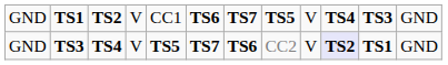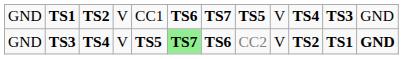 <table class="wikitable">
 <tr>
 <td>GND</td>
 <td><strong>TS1</strong></td>
 <td><strong>TS2</strong></td>
 <td>V</td>
 <td>CC1</td>
 <td><strong>TS6</strong></td>
 <td><strong>TS7</strong></td>
 <td><strong>TS5</strong></td>
 <td>V</td>
 <td><strong>TS4</strong></td>
 <td><strong>TS3</strong></td>
 <td>GND</td>
 </tr>
 <tr -->
 <td>GND</td>
 <td><strong>TS3</strong></td>
 <td><strong>TS4</strong></td>
 <td>V</td>
 <td><strong>TS5</strong></td>
-<td><strong>TS7</strong></td>
+<td style="background: lightgreen;"><strong>TS7</strong></td>
 <td><strong>TS6</strong></td>
 <td style="color:gray">CC2</td>
 <td>V</td>
-<td style="background: lavender;"><strong>TS2</strong></td>
+<td><strong>TS2</strong></td>
 <td><strong>TS1</strong></td>
-<td>GND</td>
+<td><strong>GND</strong></td>
 </tr>
 </table>
